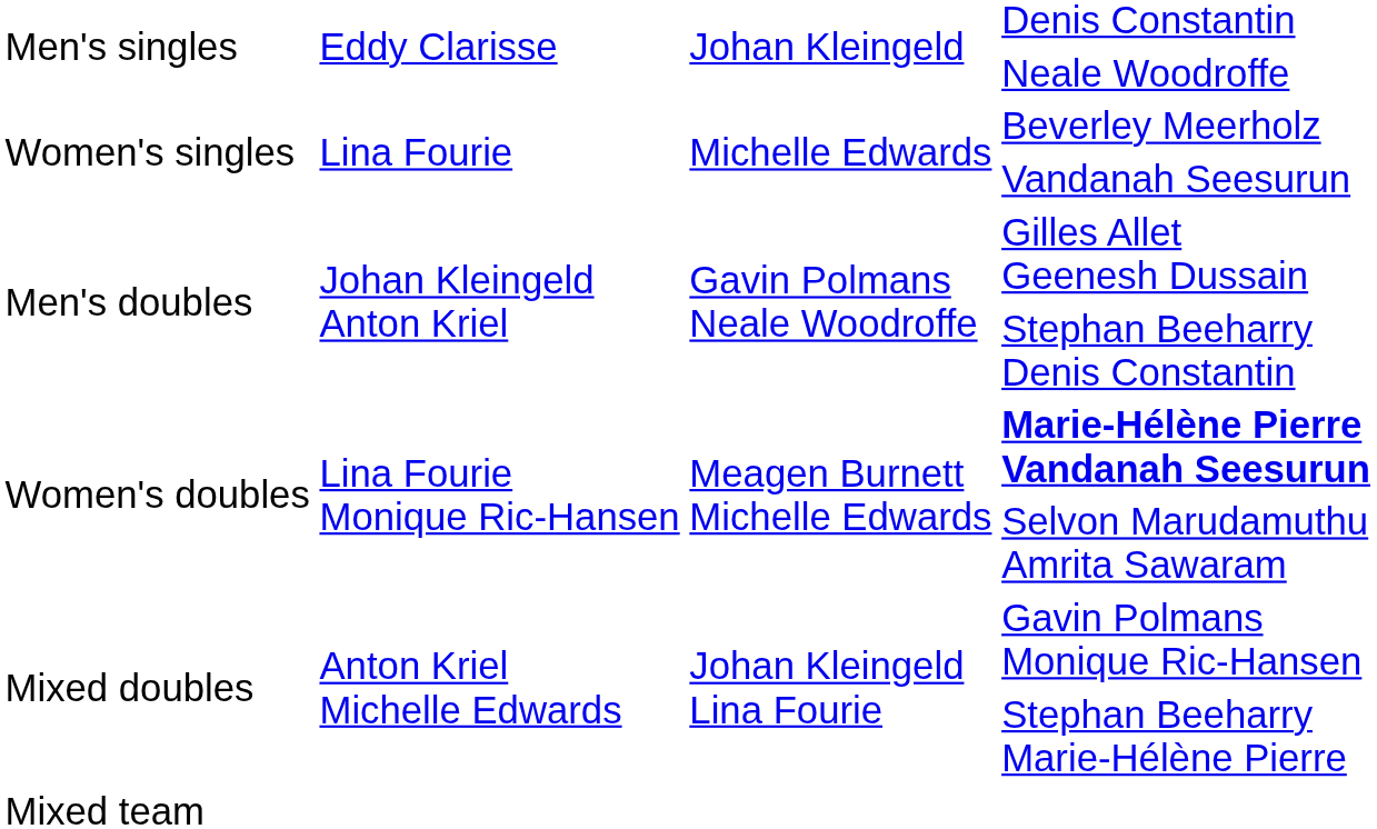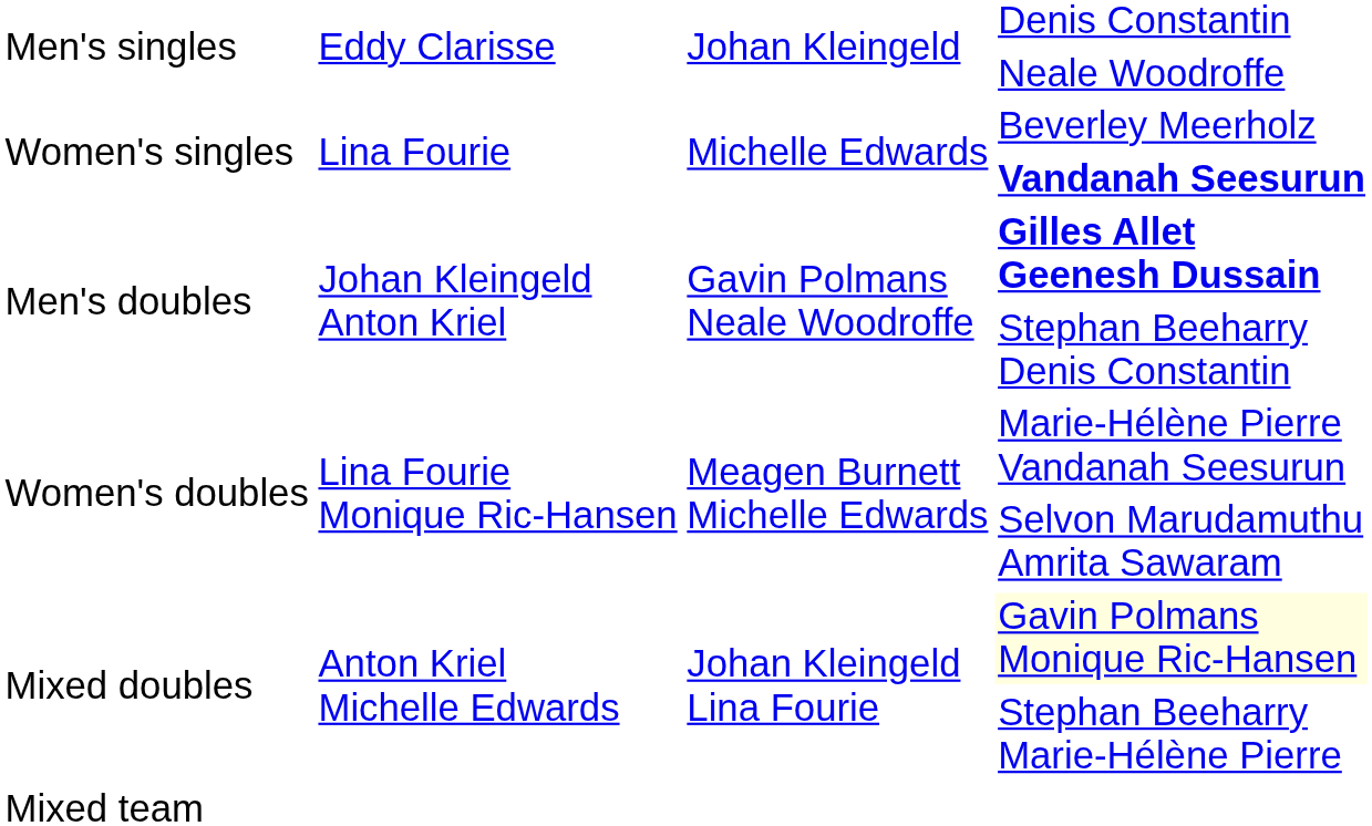 <table>
 <tr>
 <td rowspan=2>Men's singles</td>
 <td rowspan=2> <a href='#'>Eddy Clarisse</a></td>
 <td rowspan=2> <a href='#'>Johan Kleingeld</a></td>
 <td> <a href='#'>Denis Constantin</a></td>
 </tr>
 <tr>
 <td> <a href='#'>Neale Woodroffe</a></td>
 </tr>
 <tr>
 <td rowspan=2>Women's singles</td>
 <td rowspan=2> <a href='#'>Lina Fourie</a></td>
 <td rowspan=2> <a href='#'>Michelle Edwards</a></td>
 <td> <a href='#'>Beverley Meerholz</a></td>
 </tr>
 <tr>
-<td> <a href='#'>Vandanah Seesurun</a></td>
+<td><strong> <a href='#'>Vandanah Seesurun</a></strong></td>
 </tr>
 <tr>
 <td rowspan=2>Men's doubles</td>
 <td rowspan=2> <a href='#'>Johan Kleingeld</a> <br> <a href='#'>Anton Kriel</a></td>
 <td rowspan=2> <a href='#'>Gavin Polmans</a> <br> <a href='#'>Neale Woodroffe</a></td>
-<td> <a href='#'>Gilles Allet</a> <br> <a href='#'>Geenesh Dussain</a></td>
+<td><strong> <a href='#'>Gilles Allet</a> <br> <a href='#'>Geenesh Dussain</a></strong></td>
 </tr>
 <tr>
 <td> <a href='#'>Stephan Beeharry</a> <br> <a href='#'>Denis Constantin</a></td>
 </tr>
 <tr>
 <td rowspan=2>Women's doubles</td>
 <td rowspan=2> <a href='#'>Lina Fourie</a> <br> <a href='#'>Monique Ric-Hansen</a></td>
 <td rowspan=2> <a href='#'>Meagen Burnett</a> <br> <a href='#'>Michelle Edwards</a></td>
-<td><strong> <a href='#'>Marie-Hélène Pierre</a> <br> <a href='#'>Vandanah Seesurun</a></strong></td>
+<td> <a href='#'>Marie-Hélène Pierre</a> <br> <a href='#'>Vandanah Seesurun</a></td>
 </tr>
 <tr>
 <td> <a href='#'>Selvon Marudamuthu</a> <br> <a href='#'>Amrita Sawaram</a></td>
 </tr>
 <tr>
 <td rowspan=2>Mixed doubles</td>
 <td rowspan=2> <a href='#'>Anton Kriel</a> <br> <a href='#'>Michelle Edwards</a></td>
 <td rowspan=2> <a href='#'>Johan Kleingeld</a> <br> <a href='#'>Lina Fourie</a></td>
-<td> <a href='#'>Gavin Polmans</a> <br> <a href='#'>Monique Ric-Hansen</a></td>
+<td style="background: lightyellow;"> <a href='#'>Gavin Polmans</a> <br> <a href='#'>Monique Ric-Hansen</a></td>
 </tr>
 <tr>
 <td> <a href='#'>Stephan Beeharry</a> <br> <a href='#'>Marie-Hélène Pierre</a></td>
 </tr>
 <tr>
 <td>Mixed team</td>
 <td></td>
 <td></td>
 <td></td>
 </tr>
 </table>
